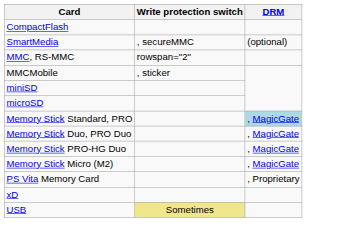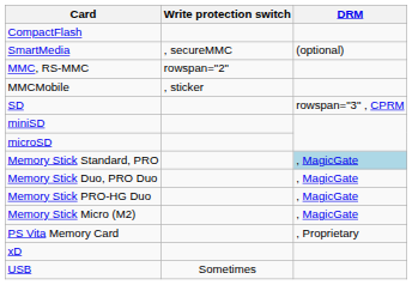 <table class="wikitable">
 <tr>
 <th>Card</th>
 <th>Write protection switch</th>
 <th><a href='#'>DRM</a></th>
 </tr>
 <tr>
 <td><a href='#'>CompactFlash</a></td>
 <td></td>
 <td></td>
 </tr>
 <tr>
 <td><a href='#'>SmartMedia</a></td>
 <td>, secureMMC</td>
 <td> (optional)</td>
 </tr>
 <tr>
 <td><a href='#'>MMC</a>, RS-MMC</td>
 <td>rowspan="2" </td>
 <td></td>
 </tr>
 <tr>
 <td>MMCMobile</td>
 <td>, sticker</td>
+</tr>
+<tr>
+<td><a href='#'>SD</a></td>
+<td></td>
+<td>rowspan="3" , <a href='#'>CPRM</a></td>
 </tr>
 <tr>
 <td><a href='#'>miniSD</a></td>
 <td></td>
 </tr>
 <tr>
 <td><a href='#'>microSD</a></td>
 <td></td>
 </tr>
 <tr>
 <td><a href='#'>Memory Stick</a> Standard, PRO</td>
 <td></td>
 <td style="background: lightblue;">, <a href='#'>MagicGate</a></td>
 </tr>
 <tr>
 <td><a href='#'>Memory Stick</a> Duo, PRO Duo</td>
 <td></td>
 <td>, <a href='#'>MagicGate</a></td>
 </tr>
 <tr>
 <td><a href='#'>Memory Stick</a> PRO-HG Duo</td>
 <td></td>
 <td>, <a href='#'>MagicGate</a></td>
 </tr>
 <tr>
 <td><a href='#'>Memory Stick</a> Micro (M2)</td>
 <td></td>
 <td>, <a href='#'>MagicGate</a></td>
 </tr>
 <tr>
 <td><a href='#'>PS Vita</a> Memory Card</td>
 <td></td>
 <td>, Proprietary</td>
 </tr>
 <tr>
 <td><a href='#'>xD</a></td>
 <td></td>
 <td></td>
 </tr>
 <tr>
 <td><a href='#'>USB</a></td>
-<td style="background: khaki; text-align:Center;">Sometimes</td>
+<td style="text-align:Center;">Sometimes</td>
 <td></td>
 </tr>
 </table>
